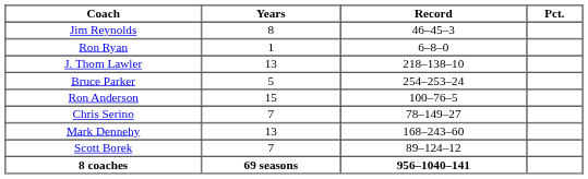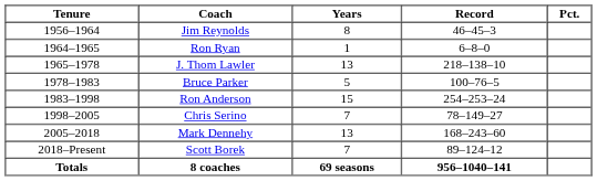 <table cellpadding="1" border="1" cellspacing="0" width="60%">
 <tr>
+<th>Tenure</th>
 <th>Coach</th>
 <th>Years</th>
 <th>Record</th>
 <th>Pct.</th>
 </tr>
 <tr align="center">
+<td>1956–1964</td>
 <td><a href='#'>Jim Reynolds</a></td>
 <td>8</td>
 <td>46–45–3</td>
 <td></td>
 </tr>
 <tr align="center">
+<td>1964–1965</td>
 <td><a href='#'>Ron Ryan</a></td>
 <td>1</td>
 <td>6–8–0</td>
 <td></td>
 </tr>
 <tr align="center">
+<td>1965–1978</td>
 <td><a href='#'>J. Thom Lawler</a></td>
 <td>13</td>
 <td>218–138–10</td>
 <td></td>
 </tr>
 <tr align="center">
+<td>1978–1983</td>
 <td><a href='#'>Bruce Parker</a></td>
 <td>5</td>
+<td>100–76–5</td>
+<td></td>
+</tr>
+<tr align="center">
+<td>1983–1998</td>
+<td><a href='#'>Ron Anderson</a></td>
+<td>15</td>
 <td>254–253–24</td>
 <td></td>
 </tr>
 <tr align="center">
-<td><a href='#'>Ron Anderson</a></td>
-<td>15</td>
-<td>100–76–5</td>
-<td></td>
-</tr>
-<tr align="center">
+<td>1998–2005</td>
 <td><a href='#'>Chris Serino</a></td>
 <td>7</td>
 <td>78–149–27</td>
 <td></td>
 </tr>
 <tr align="center">
+<td>2005–2018</td>
 <td><a href='#'>Mark Dennehy</a></td>
 <td>13</td>
 <td>168–243–60</td>
 <td></td>
 </tr>
 <tr align=center>
+<td>2018–Present</td>
 <td><a href='#'>Scott Borek</a></td>
 <td>7</td>
 <td>89–124–12</td>
 <td></td>
 </tr>
 <tr align=center>
+<th>Totals</th>
 <th>8 coaches</th>
 <th>69 seasons</th>
 <th>956–1040–141</th>
 <th></th>
 </tr>
 </table>
